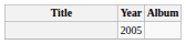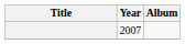 <table class="wikitable plainrowheaders" style="text-align:center;">
 <tr>
 <th scope="col" style="width:10em;">Title</th>
 <th scope="col">Year</th>
 <th scope="col">Album</th>
 </tr>
 <tr>
 <th scope="row"></th>
-<td>2005</td>
+<td>2007</td>
 <td></td>
 </tr>
 <tr>
 </tr>
 </table>
